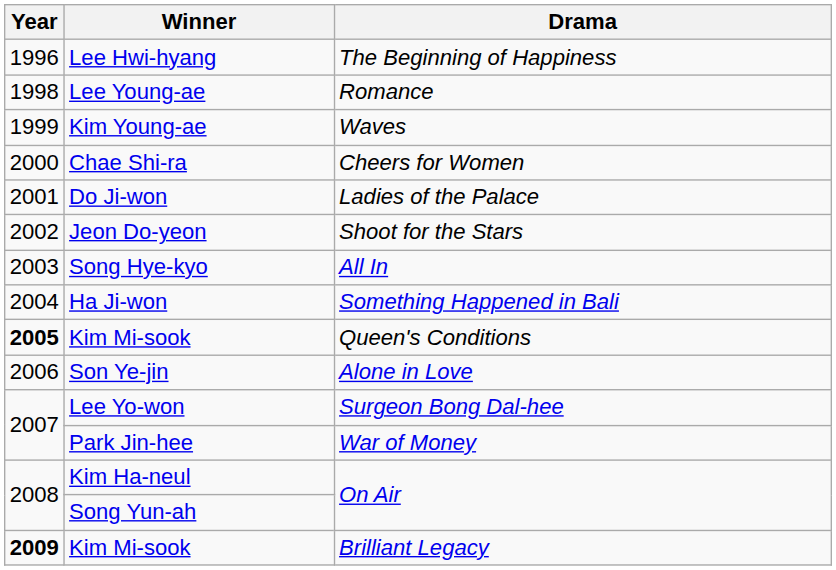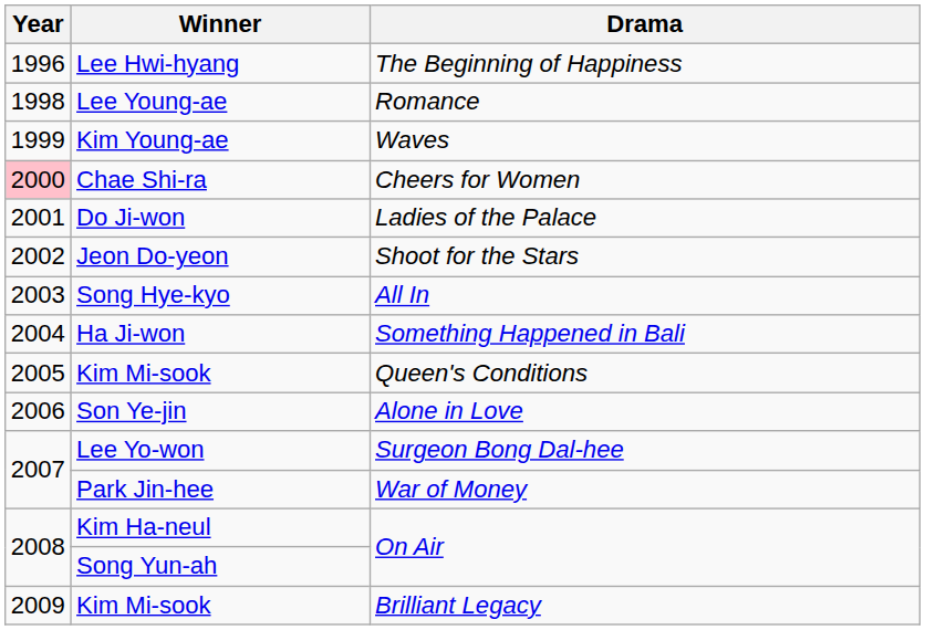 <table class="wikitable" style="width:600px">
 <tr>
 <th width=10>Year</th>
 <th>Winner</th>
 <th>Drama</th>
 </tr>
 <tr>
 <td>1996</td>
 <td><a href='#'>Lee Hwi-hyang</a></td>
 <td><em>The Beginning of Happiness</em></td>
 </tr>
 <tr>
 <td>1998</td>
 <td><a href='#'>Lee Young-ae</a></td>
 <td><em>Romance</em></td>
 </tr>
 <tr>
 <td>1999</td>
 <td><a href='#'>Kim Young-ae</a></td>
 <td><em>Waves</em></td>
 </tr>
 <tr>
-<td>2000</td>
+<td style="background: pink;">2000</td>
 <td><a href='#'>Chae Shi-ra</a></td>
 <td><em>Cheers for Women</em></td>
 </tr>
 <tr>
 <td>2001</td>
 <td><a href='#'>Do Ji-won</a></td>
 <td><em>Ladies of the Palace</em></td>
 </tr>
 <tr>
 <td>2002</td>
 <td><a href='#'>Jeon Do-yeon</a></td>
 <td><em>Shoot for the Stars</em></td>
 </tr>
 <tr>
 <td>2003</td>
 <td><a href='#'>Song Hye-kyo</a></td>
 <td><em><a href='#'>All In</a></em></td>
 </tr>
 <tr>
 <td>2004</td>
 <td><a href='#'>Ha Ji-won</a></td>
 <td><em><a href='#'>Something Happened in Bali</a></em></td>
 </tr>
 <tr>
-<td><strong>2005</strong></td>
+<td>2005</td>
 <td><a href='#'>Kim Mi-sook</a></td>
 <td><em>Queen's Conditions</em></td>
 </tr>
 <tr>
 <td>2006</td>
 <td><a href='#'>Son Ye-jin</a></td>
 <td><em><a href='#'>Alone in Love</a></em></td>
 </tr>
 <tr>
 <td rowspan=2>2007</td>
 <td><a href='#'>Lee Yo-won</a></td>
 <td><em><a href='#'>Surgeon Bong Dal-hee</a></em></td>
 </tr>
 <tr>
 <td><a href='#'>Park Jin-hee</a></td>
 <td><em><a href='#'>War of Money</a></em></td>
 </tr>
 <tr>
 <td rowspan=2>2008</td>
 <td><a href='#'>Kim Ha-neul</a></td>
 <td rowspan=2><em><a href='#'>On Air</a></em></td>
 </tr>
 <tr>
 <td><a href='#'>Song Yun-ah</a></td>
 </tr>
 <tr>
-<td><strong>2009</strong></td>
+<td>2009</td>
 <td><a href='#'>Kim Mi-sook</a></td>
 <td><em><a href='#'>Brilliant Legacy</a></em></td>
 </tr>
 </table>
